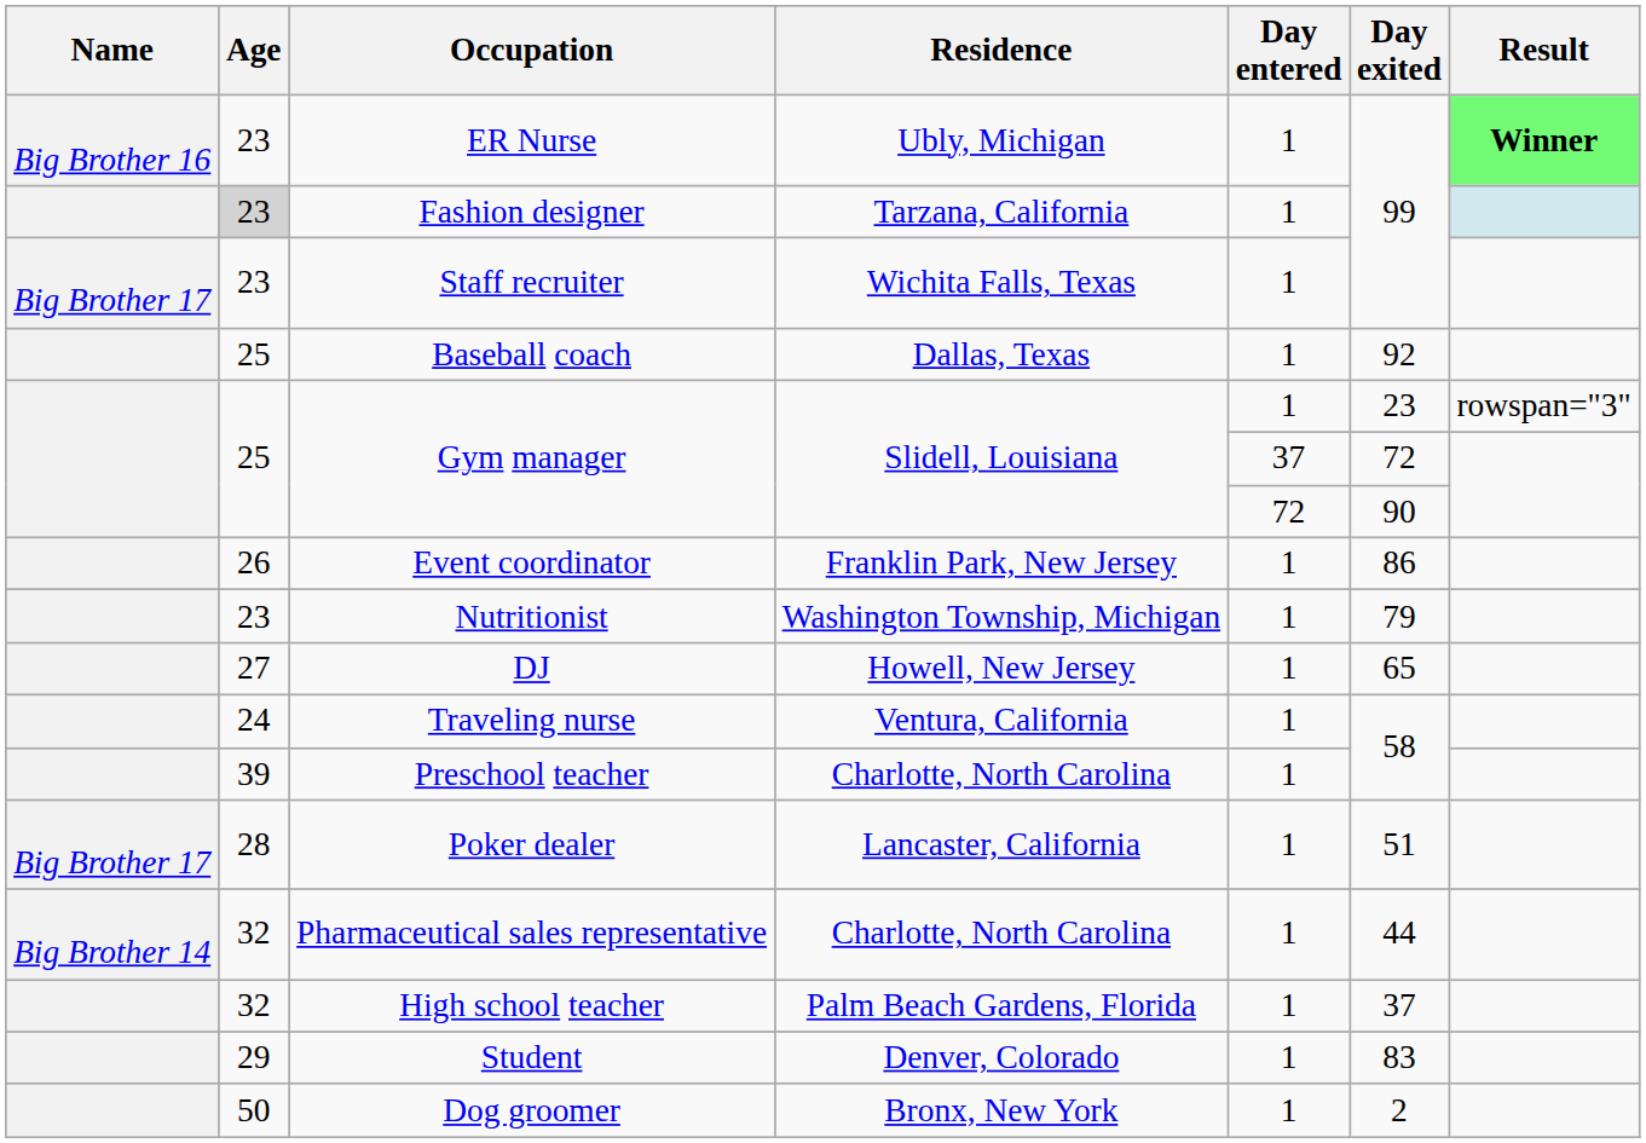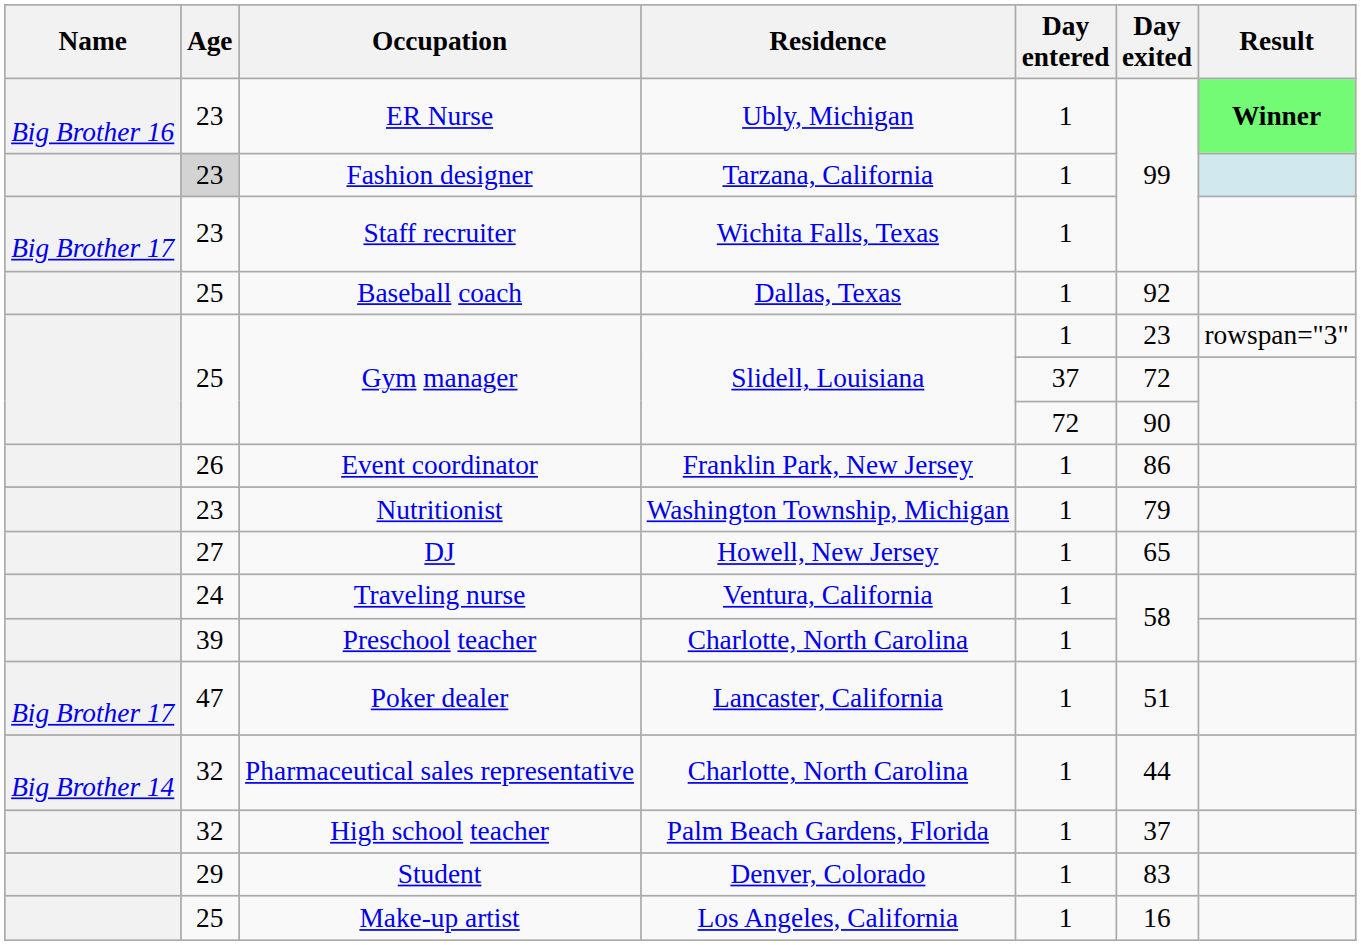 <table class="wikitable sortable" style="text-align:center;">
 <tr>
 <th scope="col">Name</th>
 <th scope="col">Age</th>
 <th scope="col" class="unsortable">Occupation</th>
 <th scope="col" class="unsortable">Residence</th>
 <th scope="col" class="unsortable">Day<br>entered</th>
 <th scope="col">Day<br>exited</th>
 <th scope="col" class="unsortable">Result</th>
 </tr>
 <tr>
 <th scope="row" style="font-weight:normal"><strong></strong><br><em><a href='#'>Big Brother 16</a></em></th>
 <td>23</td>
 <td><a href='#'>ER Nurse</a></td>
 <td><a href='#'>Ubly, Michigan</a></td>
 <td>1</td>
 <td rowspan="3">99</td>
 <td bgcolor="73FB76"><strong>Winner</strong></td>
 </tr>
 <tr>
 <th scope="row"></th>
 <td style="background: lightgrey;">23</td>
 <td><a href='#'>Fashion designer</a></td>
 <td><a href='#'>Tarzana, California</a></td>
 <td>1</td>
 <td bgcolor="D1E8EF"></td>
 </tr>
 <tr>
 <th scope="row" style="font-weight:normal"><strong></strong><br><em><a href='#'>Big Brother 17</a></em></th>
 <td>23</td>
 <td><a href='#'>Staff recruiter</a></td>
 <td><a href='#'>Wichita Falls, Texas</a></td>
 <td>1</td>
 <td></td>
 </tr>
 <tr>
 <th scope="row"></th>
 <td>25</td>
 <td><a href='#'>Baseball</a> <a href='#'>coach</a></td>
 <td><a href='#'>Dallas, Texas</a></td>
 <td>1</td>
 <td>92</td>
 <td></td>
 </tr>
 <tr>
 <th scope="row" rowspan="3"></th>
 <td rowspan="3">25</td>
 <td rowspan="3"><a href='#'>Gym</a> <a href='#'>manager</a></td>
 <td rowspan="3"><a href='#'>Slidell, Louisiana</a></td>
 <td>1</td>
 <td>23</td>
 <td>rowspan="3" </td>
 </tr>
 <tr>
 <td>37</td>
 <td>72</td>
 </tr>
 <tr>
 <td>72</td>
 <td>90</td>
 </tr>
 <tr>
 <th scope="row"></th>
 <td>26</td>
 <td><a href='#'>Event coordinator</a></td>
 <td><a href='#'>Franklin Park, New Jersey</a></td>
 <td>1</td>
 <td>86</td>
 <td></td>
 </tr>
 <tr>
 <th scope="row"></th>
 <td>23</td>
 <td><a href='#'>Nutritionist</a></td>
 <td><a href='#'>Washington Township, Michigan</a></td>
 <td>1</td>
 <td>79</td>
 <td></td>
 </tr>
 <tr>
 <th scope="row"></th>
 <td>27</td>
 <td><a href='#'>DJ</a></td>
 <td><a href='#'>Howell, New Jersey</a></td>
 <td>1</td>
 <td>65</td>
 <td></td>
 </tr>
 <tr>
 <th scope="row"></th>
 <td>24</td>
 <td><a href='#'>Traveling nurse</a></td>
 <td><a href='#'>Ventura, California</a></td>
 <td>1</td>
 <td rowspan="2">58</td>
 <td></td>
 </tr>
 <tr>
 <th scope="row"></th>
 <td>39</td>
 <td><a href='#'>Preschool</a> <a href='#'>teacher</a></td>
 <td><a href='#'>Charlotte, North Carolina</a></td>
 <td>1</td>
 <td></td>
 </tr>
 <tr>
 <th scope="row" style="font-weight:normal"><strong></strong><br><em><a href='#'>Big Brother 17</a></em></th>
-<td>28</td>
+<td>47</td>
 <td><a href='#'>Poker dealer</a></td>
 <td><a href='#'>Lancaster, California</a></td>
 <td>1</td>
 <td>51</td>
 <td></td>
 </tr>
 <tr>
 <th scope="row" style="font-weight:normal"><strong></strong><br><em><a href='#'>Big Brother 14</a></em></th>
 <td>32</td>
 <td><a href='#'>Pharmaceutical sales representative</a></td>
 <td><a href='#'>Charlotte, North Carolina</a></td>
 <td>1</td>
 <td>44</td>
 <td></td>
 </tr>
 <tr>
 <th scope="row"></th>
 <td>32</td>
 <td><a href='#'>High school</a> <a href='#'>teacher</a></td>
 <td><a href='#'>Palm Beach Gardens, Florida</a></td>
 <td>1</td>
 <td>37</td>
 <td></td>
 </tr>
 <tr>
 <th scope="row"></th>
 <td>29</td>
 <td><a href='#'>Student</a></td>
 <td><a href='#'>Denver, Colorado</a></td>
 <td>1</td>
 <td>83</td>
 <td></td>
 </tr>
 <tr>
 <th scope="row"></th>
-<td>50</td>
-<td><a href='#'>Dog groomer</a></td>
-<td><a href='#'>Bronx, New York</a></td>
+<td>25</td>
+<td><a href='#'>Make-up artist</a></td>
+<td><a href='#'>Los Angeles, California</a></td>
 <td>1</td>
-<td>2</td>
+<td>16</td>
 <td></td>
 </tr>
 </table>
